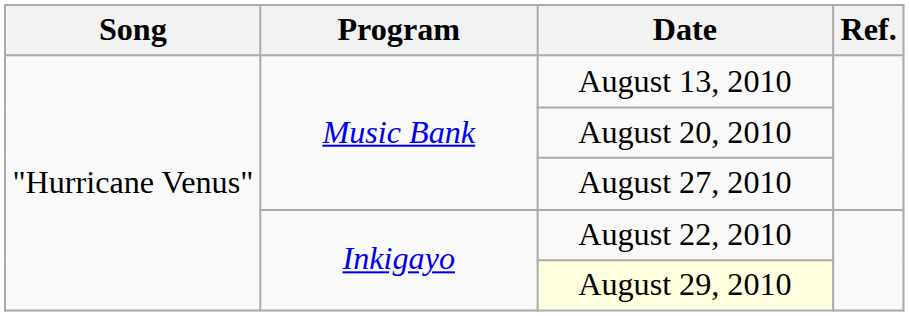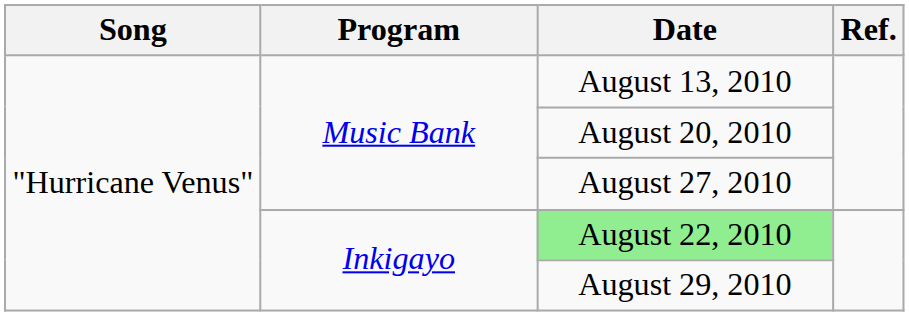 <table class="wikitable" style="text-align:center">
 <tr>
 <th>Song</th>
 <th width="130">Program</th>
 <th width="140">Date</th>
 <th>Ref.</th>
 </tr>
 <tr>
 <td rowspan="5">"Hurricane Venus"</td>
 <td rowspan="3"><em><a href='#'>Music Bank</a></em></td>
 <td>August 13, 2010</td>
 <td rowspan="3"></td>
 </tr>
 <tr>
 <td>August 20, 2010</td>
 </tr>
 <tr>
 <td>August 27, 2010</td>
 </tr>
 <tr>
 <td rowspan="2"><em><a href='#'>Inkigayo</a></em></td>
-<td>August 22, 2010</td>
+<td style="background: lightgreen;">August 22, 2010</td>
 <td rowspan="2"></td>
 </tr>
 <tr>
-<td style="background: lightyellow;">August 29, 2010</td>
+<td>August 29, 2010</td>
 </tr>
 </table>
